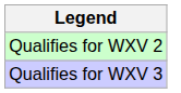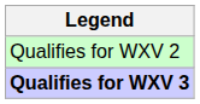 <table class="wikitable">
 <tr>
 <th>Legend</th>
 </tr>
 <tr bgcolor=ccffcc>
 <td>Qualifies for WXV 2</td>
 </tr>
 <tr bgcolor=ccccff>
-<td>Qualifies for WXV 3</td>
+<td><strong>Qualifies for WXV 3</strong></td>
 </tr>
 </table>
